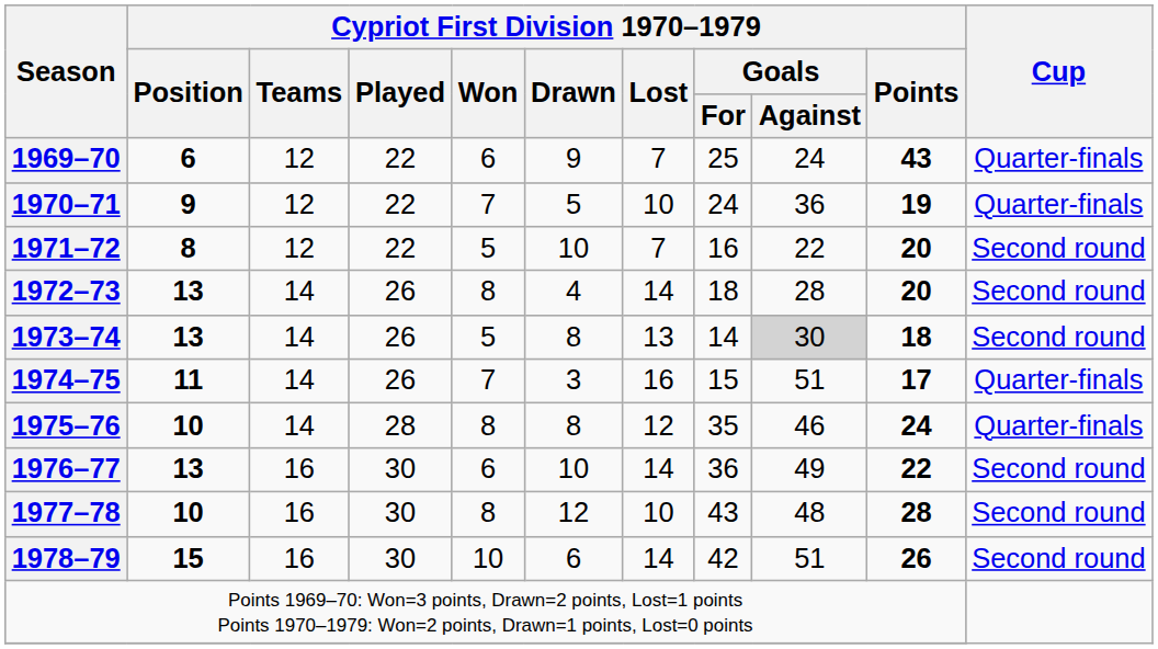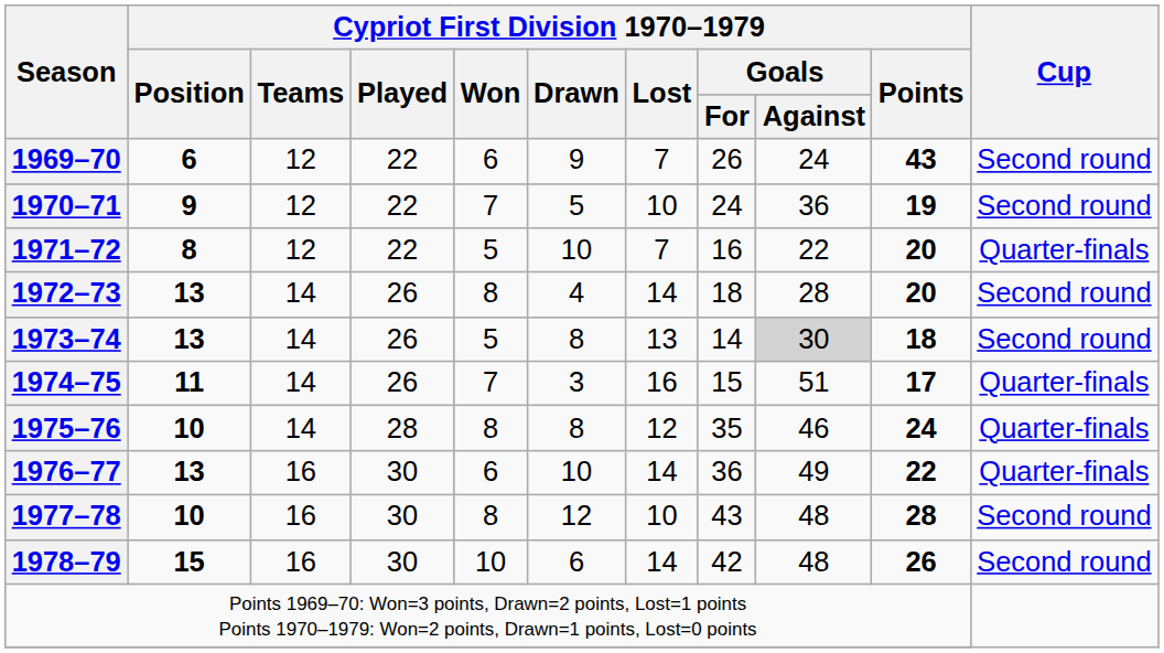 <table class="wikitable" style="text-align: center">
 <tr>
 <th rowspan=3>Season</th>
 <th colspan=9><a href='#'>Cypriot First Division</a> 1970–1979</th>
 <th rowspan=3><a href='#'>Cup</a></th>
 </tr>
 <tr>
 <th rowspan=2>Position</th>
 <th rowspan=2>Teams</th>
 <th rowspan=2>Played</th>
 <th rowspan=2>Won</th>
 <th rowspan=2>Drawn</th>
 <th rowspan=2>Lost</th>
 <th colspan=2>Goals</th>
 <th rowspan=2>Points</th>
 </tr>
 <tr>
 <th>For</th>
 <th>Against</th>
 </tr>
 <tr>
 <th style="text-align: center;"><a href='#'>1969–70</a></th>
 <td style="text-align: center;"><strong>6</strong></td>
 <td style="text-align: center;">12</td>
 <td style="text-align: center;">22</td>
 <td style="text-align: center;">6</td>
 <td style="text-align: center;">9</td>
 <td style="text-align: center;">7</td>
-<td style="text-align: center;">25</td>
+<td style="text-align: center;">26</td>
 <td style="text-align: center;">24</td>
 <td style="text-align: center;"><strong>43</strong></td>
-<td><a href='#'>Quarter-finals</a></td>
+<td><a href='#'>Second round</a></td>
 </tr>
 <tr>
 <th style="text-align: center;"><a href='#'>1970–71</a></th>
 <td style="text-align: center;"><strong>9</strong></td>
 <td style="text-align: center;">12</td>
 <td style="text-align: center;">22</td>
 <td style="text-align: center;">7</td>
 <td style="text-align: center;">5</td>
 <td style="text-align: center;">10</td>
 <td style="text-align: center;">24</td>
 <td style="text-align: center;">36</td>
 <td style="text-align: center;"><strong>19</strong></td>
-<td><a href='#'>Quarter-finals</a></td>
+<td><a href='#'>Second round</a></td>
 </tr>
 <tr>
 <th style="text-align: center;"><a href='#'>1971–72</a></th>
 <td style="text-align: center;"><strong>8</strong></td>
 <td style="text-align: center;">12</td>
 <td style="text-align: center;">22</td>
 <td style="text-align: center;">5</td>
 <td style="text-align: center;">10</td>
 <td style="text-align: center;">7</td>
 <td style="text-align: center;">16</td>
 <td style="text-align: center;">22</td>
 <td style="text-align: center;"><strong>20</strong></td>
-<td><a href='#'>Second round</a></td>
+<td><a href='#'>Quarter-finals</a></td>
 </tr>
 <tr>
 <th style="text-align: center;"><a href='#'>1972–73</a></th>
 <td style="text-align: center;"><strong>13</strong></td>
 <td style="text-align: center;">14</td>
 <td style="text-align: center;">26</td>
 <td style="text-align: center;">8</td>
 <td style="text-align: center;">4</td>
 <td style="text-align: center;">14</td>
 <td style="text-align: center;">18</td>
 <td style="text-align: center;">28</td>
 <td style="text-align: center;"><strong>20</strong></td>
 <td><a href='#'>Second round</a></td>
 </tr>
 <tr>
 <th style="text-align: center;"><a href='#'>1973–74</a></th>
 <td style="text-align: center;"><strong>13</strong></td>
 <td style="text-align: center;">14</td>
 <td style="text-align: center;">26</td>
 <td style="text-align: center;">5</td>
 <td style="text-align: center;">8</td>
 <td style="text-align: center;">13</td>
 <td style="text-align: center;">14</td>
 <td style="background: lightgrey; text-align: center;">30</td>
 <td style="text-align: center;"><strong>18</strong></td>
 <td><a href='#'>Second round</a></td>
 </tr>
 <tr>
 <th style="text-align: center;"><a href='#'>1974–75</a></th>
 <td style="text-align: center;"><strong>11</strong></td>
 <td style="text-align: center;">14</td>
 <td style="text-align: center;">26</td>
 <td style="text-align: center;">7</td>
 <td style="text-align: center;">3</td>
 <td style="text-align: center;">16</td>
 <td style="text-align: center;">15</td>
 <td style="text-align: center;">51</td>
 <td style="text-align: center;"><strong>17</strong></td>
 <td><a href='#'>Quarter-finals</a></td>
 </tr>
 <tr>
 <th style="text-align: center;"><a href='#'>1975–76</a></th>
 <td style="text-align: center;"><strong>10</strong></td>
 <td style="text-align: center;">14</td>
 <td style="text-align: center;">28</td>
 <td style="text-align: center;">8</td>
 <td style="text-align: center;">8</td>
 <td style="text-align: center;">12</td>
 <td style="text-align: center;">35</td>
 <td style="text-align: center;">46</td>
 <td style="text-align: center;"><strong>24</strong></td>
 <td><a href='#'>Quarter-finals</a></td>
 </tr>
 <tr>
 <th style="text-align: center;"><a href='#'>1976–77</a></th>
 <td style="text-align: center;"><strong>13</strong></td>
 <td style="text-align: center;">16</td>
 <td style="text-align: center;">30</td>
 <td style="text-align: center;">6</td>
 <td style="text-align: center;">10</td>
 <td style="text-align: center;">14</td>
 <td style="text-align: center;">36</td>
 <td style="text-align: center;">49</td>
 <td style="text-align: center;"><strong>22</strong></td>
-<td><a href='#'>Second round</a></td>
+<td><a href='#'>Quarter-finals</a></td>
 </tr>
 <tr>
 <th style="text-align: center;"><a href='#'>1977–78</a></th>
 <td style="text-align: center;"><strong>10</strong></td>
 <td style="text-align: center;">16</td>
 <td style="text-align: center;">30</td>
 <td style="text-align: center;">8</td>
 <td style="text-align: center;">12</td>
 <td style="text-align: center;">10</td>
 <td style="text-align: center;">43</td>
 <td style="text-align: center;">48</td>
 <td style="text-align: center;"><strong>28</strong></td>
 <td><a href='#'>Second round</a></td>
 </tr>
 <tr>
 <th style="text-align: center;"><a href='#'>1978–79</a></th>
 <td style="text-align: center;"><strong>15</strong></td>
 <td style="text-align: center;">16</td>
 <td style="text-align: center;">30</td>
 <td style="text-align: center;">10</td>
 <td style="text-align: center;">6</td>
 <td style="text-align: center;">14</td>
 <td style="text-align: center;">42</td>
-<td style="text-align: center;">51</td>
+<td style="text-align: center;">48</td>
 <td style="text-align: center;"><strong>26</strong></td>
 <td><a href='#'>Second round</a></td>
 </tr>
 <tr>
 <td colspan=10 style="font-size:80%"><small>Points 1969–70: Won=3 points, Drawn=2 points, Lost=1 points </small> <br><small>Points 1970–1979: Won=2 points, Drawn=1 points, Lost=0 points </small></td>
 </tr>
 <tr>
 </tr>
 </table>
